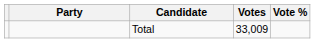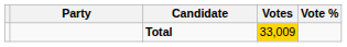 <table class="wikitable">
 <tr>
 <th></th>
 <th scope="col" width="175">Party</th>
 <th scope="col" width="150">Candidate</th>
 <th>Votes</th>
 <th>Vote %<br>    </th>
 </tr>
 <tr |>
 <td></td>
 <td></td>
-<td>Total</td>
-<td align=right>33,009</td>
+<td><strong>Total</strong></td>
+<td align=right style="background: gold;">33,009</td>
 <td></td>
 </tr>
 </table>
